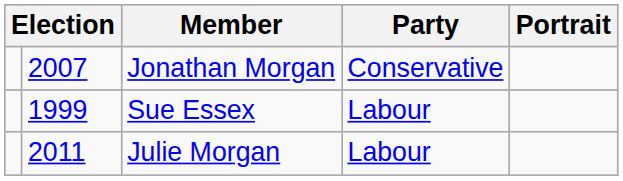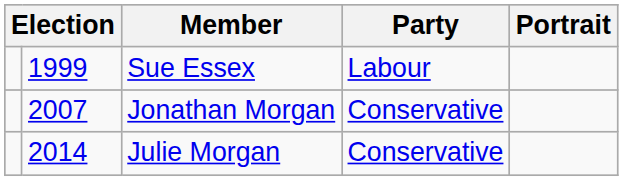 <table class="wikitable">
 <tr>
 <th colspan="2">Election</th>
 <th>Member</th>
 <th>Party</th>
 <th>Portrait</th>
+</tr>
+<tr>
+<td style="background-color: "></td>
+<td><a href='#'>1999</a></td>
+<td><a href='#'>Sue Essex</a></td>
+<td><a href='#'>Labour</a></td>
+<td></td>
 </tr>
 <tr>
 <td style="background-color: "></td>
 <td><a href='#'>2007</a></td>
 <td><a href='#'>Jonathan Morgan</a></td>
 <td><a href='#'>Conservative</a></td>
 <td></td>
 </tr>
 <tr>
 <td style="background-color: "></td>
-<td><a href='#'>1999</a></td>
-<td><a href='#'>Sue Essex</a></td>
-<td><a href='#'>Labour</a></td>
-<td></td>
-</tr>
-<tr>
-<td style="background-color: "></td>
-<td><a href='#'>2011</a></td>
+<td><a href='#'>2014</a></td>
 <td><a href='#'>Julie Morgan</a></td>
-<td><a href='#'>Labour</a></td>
+<td><a href='#'>Conservative</a></td>
 <td></td>
 </tr>
 </table>
